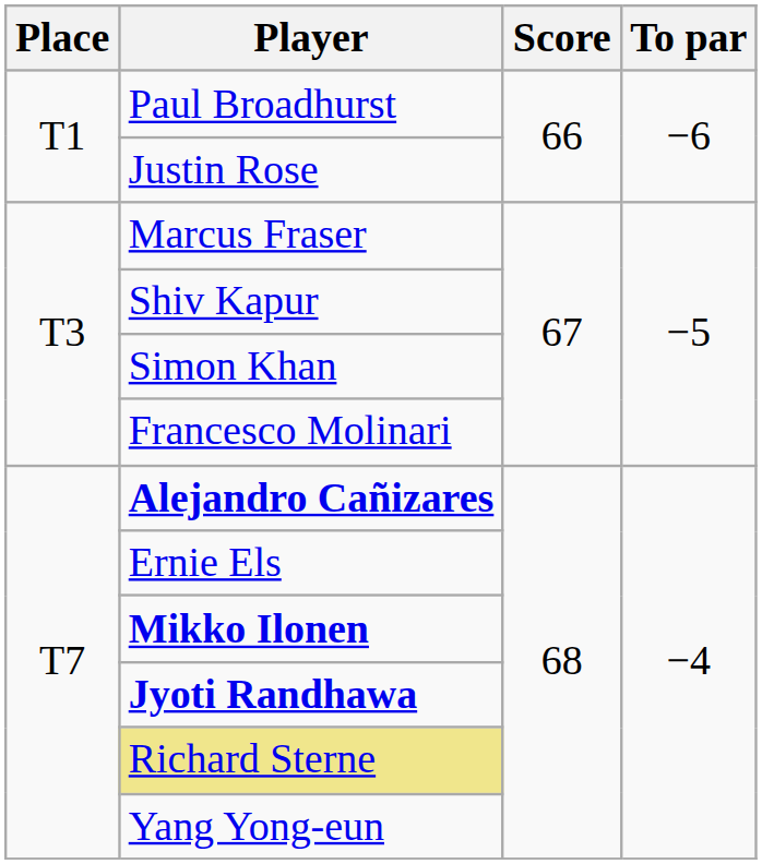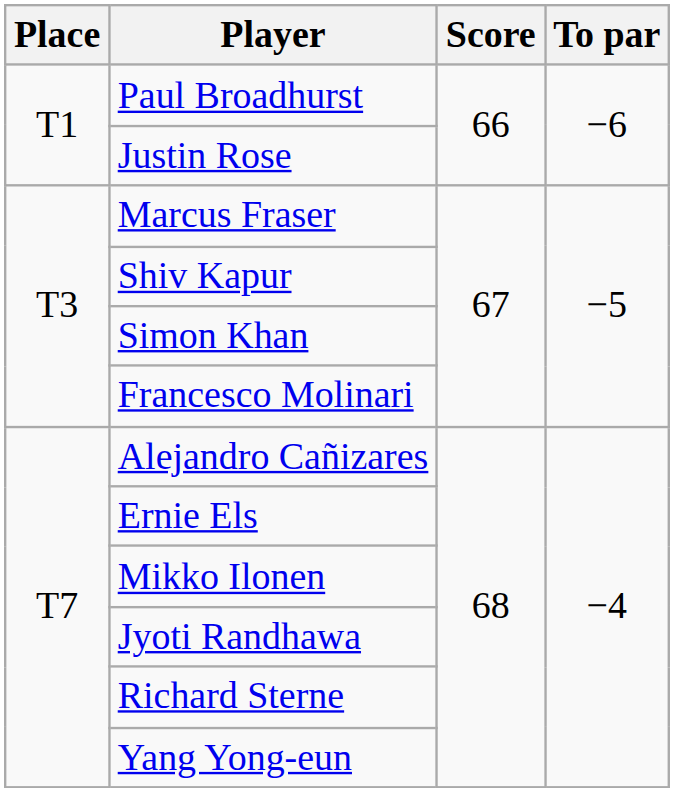 <table class="wikitable">
 <tr>
 <th>Place</th>
 <th>Player</th>
 <th>Score</th>
 <th>To par</th>
 </tr>
 <tr>
 <td rowspan="2" align=center>T1</td>
 <td> <a href='#'>Paul Broadhurst</a></td>
 <td rowspan="2" align=center>66</td>
 <td rowspan="2" align=center>−6</td>
 </tr>
 <tr>
 <td> <a href='#'>Justin Rose</a></td>
 </tr>
 <tr>
 <td rowspan="4" align=center>T3</td>
 <td> <a href='#'>Marcus Fraser</a></td>
 <td rowspan="4" align=center>67</td>
 <td rowspan="4" align=center>−5</td>
 </tr>
 <tr>
 <td> <a href='#'>Shiv Kapur</a></td>
 </tr>
 <tr>
 <td> <a href='#'>Simon Khan</a></td>
 </tr>
 <tr>
 <td> <a href='#'>Francesco Molinari</a></td>
 </tr>
 <tr>
 <td rowspan="6" align=center>T7</td>
-<td><strong> <a href='#'>Alejandro Cañizares</a></strong></td>
+<td> <a href='#'>Alejandro Cañizares</a></td>
 <td rowspan="6" align=center>68</td>
 <td rowspan="6" align=center>−4</td>
 </tr>
 <tr>
 <td> <a href='#'>Ernie Els</a></td>
 </tr>
 <tr>
-<td><strong> <a href='#'>Mikko Ilonen</a></strong></td>
+<td> <a href='#'>Mikko Ilonen</a></td>
 </tr>
 <tr>
-<td><strong> <a href='#'>Jyoti Randhawa</a></strong></td>
+<td> <a href='#'>Jyoti Randhawa</a></td>
 </tr>
 <tr>
-<td style="background: khaki;"> <a href='#'>Richard Sterne</a></td>
+<td> <a href='#'>Richard Sterne</a></td>
 </tr>
 <tr>
 <td> <a href='#'>Yang Yong-eun</a></td>
 </tr>
 </table>
